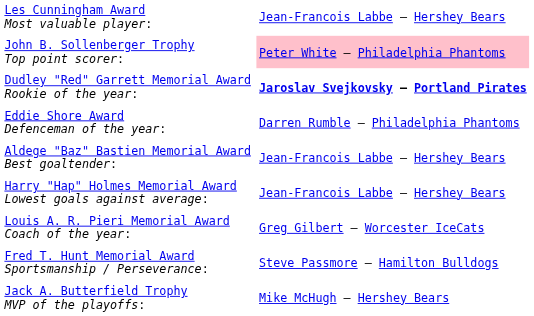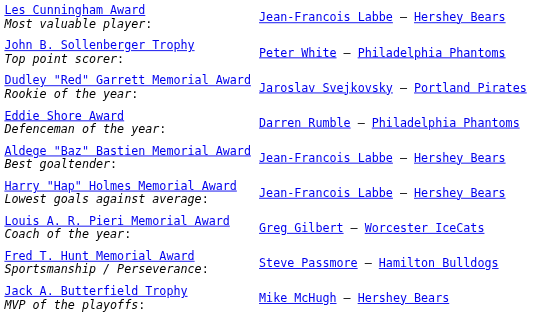 <table cellpadding="3" cellspacing="3">
 <tr>
 <td><a href='#'>Les Cunningham Award</a><br><em>Most valuable player</em>:</td>
 <td><a href='#'>Jean-Francois Labbe</a> – <a href='#'>Hershey Bears</a></td>
 </tr>
 <tr>
 <td><a href='#'>John B. Sollenberger Trophy</a><br><em>Top point scorer</em>:</td>
-<td style="background: pink;"><a href='#'>Peter White</a> – <a href='#'>Philadelphia Phantoms</a></td>
+<td><a href='#'>Peter White</a> – <a href='#'>Philadelphia Phantoms</a></td>
 </tr>
 <tr>
 <td><a href='#'>Dudley "Red" Garrett Memorial Award</a><br><em>Rookie of the year</em>:</td>
-<td><strong><a href='#'>Jaroslav Svejkovsky</a> – <a href='#'>Portland Pirates</a></strong></td>
+<td><a href='#'>Jaroslav Svejkovsky</a> – <a href='#'>Portland Pirates</a></td>
 </tr>
 <tr>
 <td><a href='#'>Eddie Shore Award</a><br><em>Defenceman of the year</em>:</td>
 <td><a href='#'>Darren Rumble</a> – <a href='#'>Philadelphia Phantoms</a></td>
 </tr>
 <tr>
 <td><a href='#'>Aldege "Baz" Bastien Memorial Award</a><br><em>Best goaltender</em>:</td>
 <td><a href='#'>Jean-Francois Labbe</a> – <a href='#'>Hershey Bears</a></td>
 </tr>
 <tr>
 <td><a href='#'>Harry "Hap" Holmes Memorial Award</a><br><em>Lowest goals against average</em>:</td>
 <td><a href='#'>Jean-Francois Labbe</a> – <a href='#'>Hershey Bears</a></td>
 </tr>
 <tr>
 <td><a href='#'>Louis A. R. Pieri Memorial Award</a><br><em>Coach of the year</em>:</td>
 <td><a href='#'>Greg Gilbert</a> – <a href='#'>Worcester IceCats</a></td>
 </tr>
 <tr>
 <td><a href='#'>Fred T. Hunt Memorial Award</a><br><em>Sportsmanship / Perseverance</em>:</td>
 <td><a href='#'>Steve Passmore</a> – <a href='#'>Hamilton Bulldogs</a></td>
 </tr>
 <tr>
 <td><a href='#'>Jack A. Butterfield Trophy</a><br><em>MVP of the playoffs</em>:</td>
 <td><a href='#'>Mike McHugh</a> – <a href='#'>Hershey Bears</a></td>
 </tr>
 </table>
